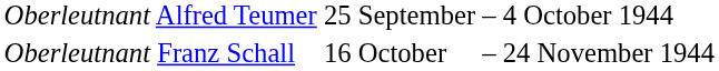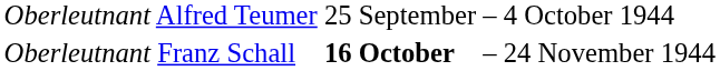 <table>
 <tr>
 <td><em>Oberleutnant</em> <a href='#'>Alfred Teumer</a></td>
 <td>25 September</td>
 <td>–</td>
 <td>4 October 1944</td>
 </tr>
 <tr>
 <td><em>Oberleutnant</em> <a href='#'>Franz Schall</a></td>
-<td>16 October</td>
+<td><strong>16 October</strong></td>
 <td>–</td>
 <td>24 November 1944</td>
 </tr>
 </table>
